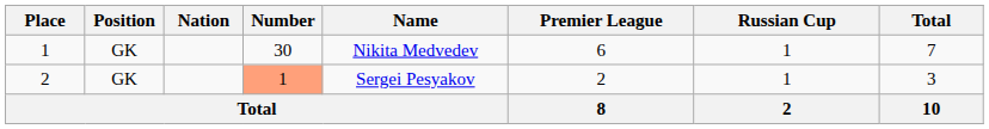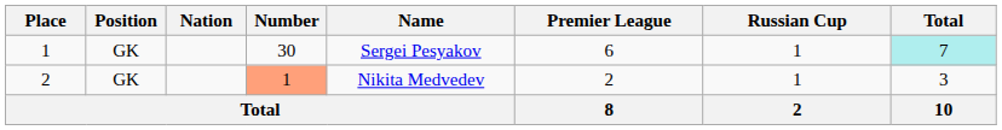 <table class="wikitable" style="font-size: 95%; text-align: center;">
 <tr>
 <th width=60>Place</th>
 <th width=60>Position</th>
 <th width=60>Nation</th>
 <th width=60>Number</th>
 <th width=150>Name</th>
 <th width=150>Premier League</th>
 <th width=150>Russian Cup</th>
 <th width=80>Total</th>
 </tr>
 <tr>
 <td>1</td>
 <td>GK</td>
 <td></td>
 <td>30</td>
-<td><a href='#'>Nikita Medvedev</a></td>
+<td><a href='#'>Sergei Pesyakov</a></td>
 <td>6</td>
 <td>1</td>
-<td>7</td>
+<td style="background: paleturquoise;">7</td>
 </tr>
 <tr>
 <td>2</td>
 <td>GK</td>
 <td></td>
 <td style="background: lightsalmon;">1</td>
-<td><a href='#'>Sergei Pesyakov</a></td>
+<td><a href='#'>Nikita Medvedev</a></td>
 <td>2</td>
 <td>1</td>
 <td>3</td>
 </tr>
 <tr>
 <th colspan=5>Total</th>
 <th>8</th>
 <th>2</th>
 <th>10</th>
 </tr>
 </table>
